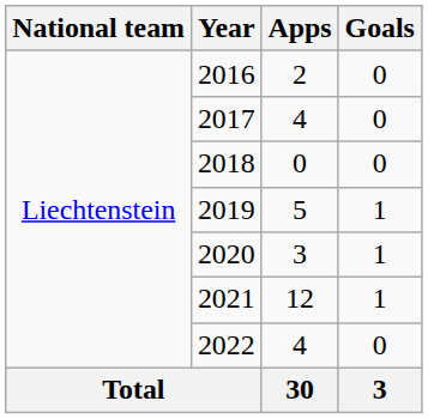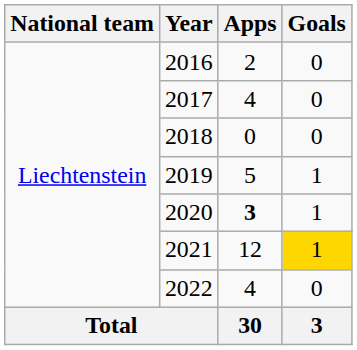 <table class="wikitable" style="text-align:center">
 <tr>
 <th>National team</th>
 <th>Year</th>
 <th>Apps</th>
 <th>Goals</th>
 </tr>
 <tr>
 <td rowspan="7"><a href='#'>Liechtenstein</a></td>
 <td>2016</td>
 <td>2</td>
 <td>0</td>
 </tr>
 <tr>
 <td>2017</td>
 <td>4</td>
 <td>0</td>
 </tr>
 <tr>
 <td>2018</td>
 <td>0</td>
 <td>0</td>
 </tr>
 <tr>
 <td>2019</td>
 <td>5</td>
 <td>1</td>
 </tr>
 <tr>
 <td>2020</td>
-<td>3</td>
+<td><strong>3</strong></td>
 <td>1</td>
 </tr>
 <tr>
 <td>2021</td>
 <td>12</td>
-<td>1</td>
+<td style="background: gold;">1</td>
 </tr>
 <tr>
 <td>2022</td>
 <td>4</td>
 <td>0</td>
 </tr>
 <tr>
 <th colspan="2">Total</th>
 <th>30</th>
 <th>3</th>
 </tr>
 </table>
